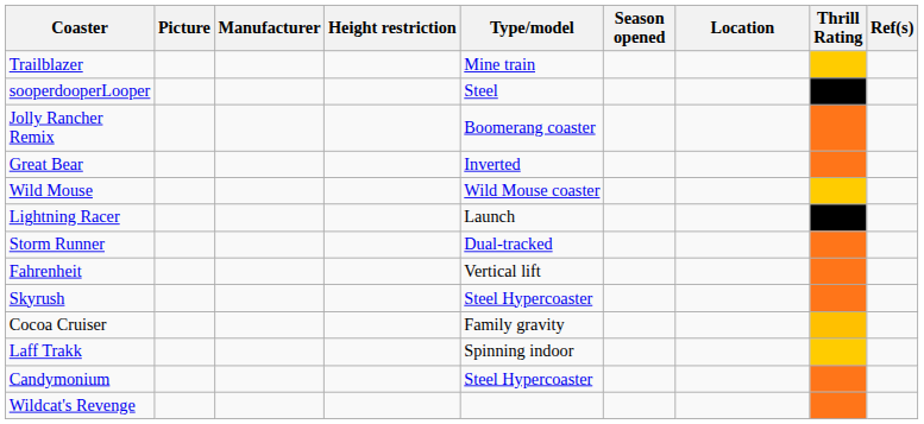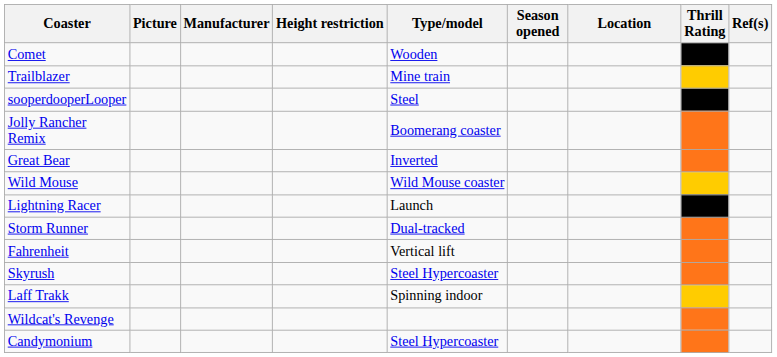 <table class="wikitable sortable">
 <tr>
 <th style="width:130px;">Coaster</th>
 <th>Picture</th>
 <th>Manufacturer</th>
 <th>Height restriction</th>
 <th>Type/model</th>
 <th style="width:60px;">Season<br>opened</th>
 <th style="width:120px;">Location</th>
 <th>Thrill<br>Rating</th>
 <th style="width:40px;">Ref(s)</th>
+</tr>
+<tr>
+<td><a href='#'>Comet</a></td>
+<td></td>
+<td></td>
+<td></td>
+<td><a href='#'>Wooden</a></td>
+<td></td>
+<td></td>
+<td bgcolor="#000000"></td>
+<td></td>
 </tr>
 <tr>
 <td><a href='#'>Trailblazer</a></td>
 <td></td>
 <td></td>
 <td></td>
 <td><a href='#'>Mine train</a></td>
 <td></td>
 <td></td>
 <td bgcolor="#FFCC00"></td>
 <td></td>
 </tr>
 <tr>
 <td><a href='#'>sooperdooperLooper</a></td>
 <td></td>
 <td></td>
 <td></td>
 <td><a href='#'>Steel</a></td>
 <td></td>
 <td></td>
 <td bgcolor="#000000"></td>
 <td></td>
 </tr>
 <tr>
 <td><a href='#'>Jolly Rancher Remix</a></td>
 <td></td>
 <td></td>
 <td></td>
 <td><a href='#'>Boomerang coaster</a></td>
 <td></td>
 <td></td>
 <td bgcolor="#FF7519"></td>
 <td></td>
 </tr>
 <tr>
 <td><a href='#'>Great Bear</a></td>
 <td></td>
 <td></td>
 <td></td>
 <td><a href='#'>Inverted</a></td>
 <td></td>
 <td></td>
 <td bgcolor="#FF7519"></td>
 <td></td>
 </tr>
 <tr>
 <td><a href='#'>Wild Mouse</a></td>
 <td></td>
 <td></td>
 <td></td>
 <td><a href='#'>Wild Mouse coaster</a></td>
 <td></td>
 <td></td>
 <td bgcolor="#FFCC00"></td>
 <td></td>
 </tr>
 <tr>
 <td><a href='#'>Lightning Racer</a></td>
 <td></td>
 <td></td>
 <td></td>
 <td>Launch</td>
 <td></td>
 <td></td>
 <td bgcolor="#000000"></td>
 <td></td>
 </tr>
 <tr>
 <td><a href='#'>Storm Runner</a></td>
 <td></td>
 <td></td>
 <td></td>
 <td><a href='#'>Dual-tracked</a></td>
 <td></td>
 <td></td>
 <td bgcolor="#FF7519"></td>
 <td></td>
 </tr>
 <tr>
 <td><a href='#'>Fahrenheit</a></td>
 <td></td>
 <td></td>
 <td></td>
 <td>Vertical lift</td>
 <td></td>
 <td></td>
 <td bgcolor="#FF7519"></td>
 <td></td>
 </tr>
 <tr>
 <td><a href='#'>Skyrush</a></td>
 <td></td>
 <td></td>
 <td></td>
 <td><a href='#'>Steel Hypercoaster</a></td>
 <td></td>
 <td></td>
 <td bgcolor="#FF7519"></td>
 <td></td>
 </tr>
 <tr>
-<td>Cocoa Cruiser</td>
-<td></td>
-<td></td>
-<td></td>
-<td>Family gravity</td>
-<td></td>
-<td></td>
-<td bgcolor="#FFCC00”"></td>
-<td></td>
-</tr>
-<tr>
 <td><a href='#'>Laff Trakk</a></td>
 <td></td>
 <td></td>
 <td></td>
 <td>Spinning indoor</td>
 <td></td>
 <td></td>
 <td bgcolor="#FFCC00"></td>
+<td></td>
+</tr>
+<tr>
+<td><a href='#'>Wildcat's Revenge</a></td>
+<td></td>
+<td></td>
+<td></td>
+<td></td>
+<td></td>
+<td></td>
+<td bgcolor="#FF7519"></td>
 <td></td>
 </tr>
 <tr>
 <td><a href='#'>Candymonium</a></td>
 <td></td>
 <td></td>
 <td></td>
 <td><a href='#'>Steel Hypercoaster</a></td>
 <td></td>
 <td></td>
 <td bgcolor="#FF7519"></td>
 <td></td>
 </tr>
-<tr>
-<td><a href='#'>Wildcat's Revenge</a></td>
-<td></td>
-<td></td>
-<td></td>
-<td></td>
-<td></td>
-<td></td>
-<td bgcolor="#FF7519"></td>
-<td></td>
-</tr>
 </table>
